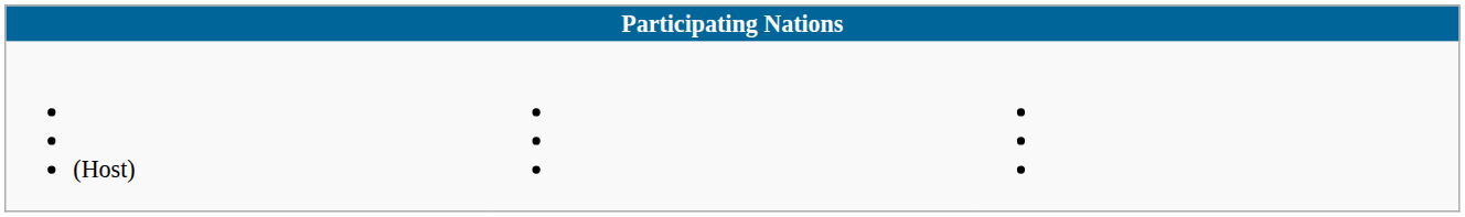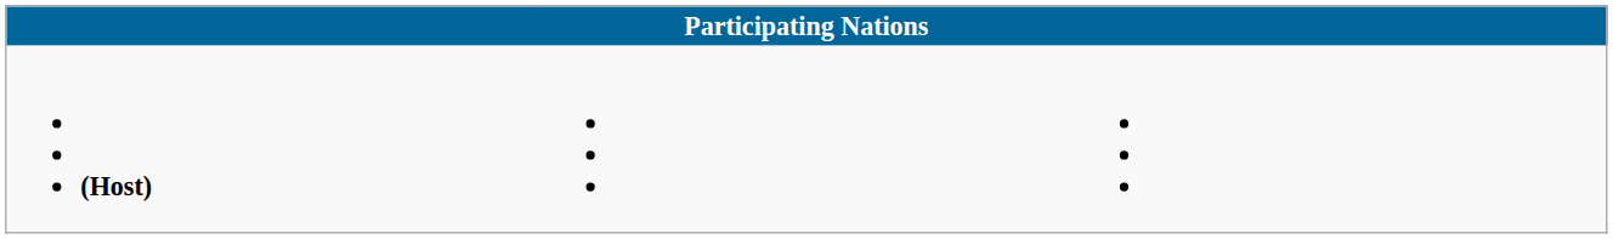 <table cellpadding="2" cellspacing="0" style="background: #f9f9f9; border: 1px #aaa solid; border-collapse: collapse; font-size: 95%;" width=72%>
 <tr bgcolor=#006699 style="color:white;">
 <th colspan=4 align=center>Participating Nations</th>
 </tr>
 <tr bgcolor=#EBF5FF>
 </tr>
 <tr valign=top>
-<td width=33%><br><ul><li></li><li></li><li> (Host)</li></ul></td>
+<td width=33%><strong><br><ul><li></li><li></li><li> (Host)</li></ul></strong></td>
 <td width=33%><br><ul><li></li><li></li><li></li></ul></td>
 <td width=33%><br><ul><li></li><li></li><li></li></ul></td>
 </tr>
 </table>
